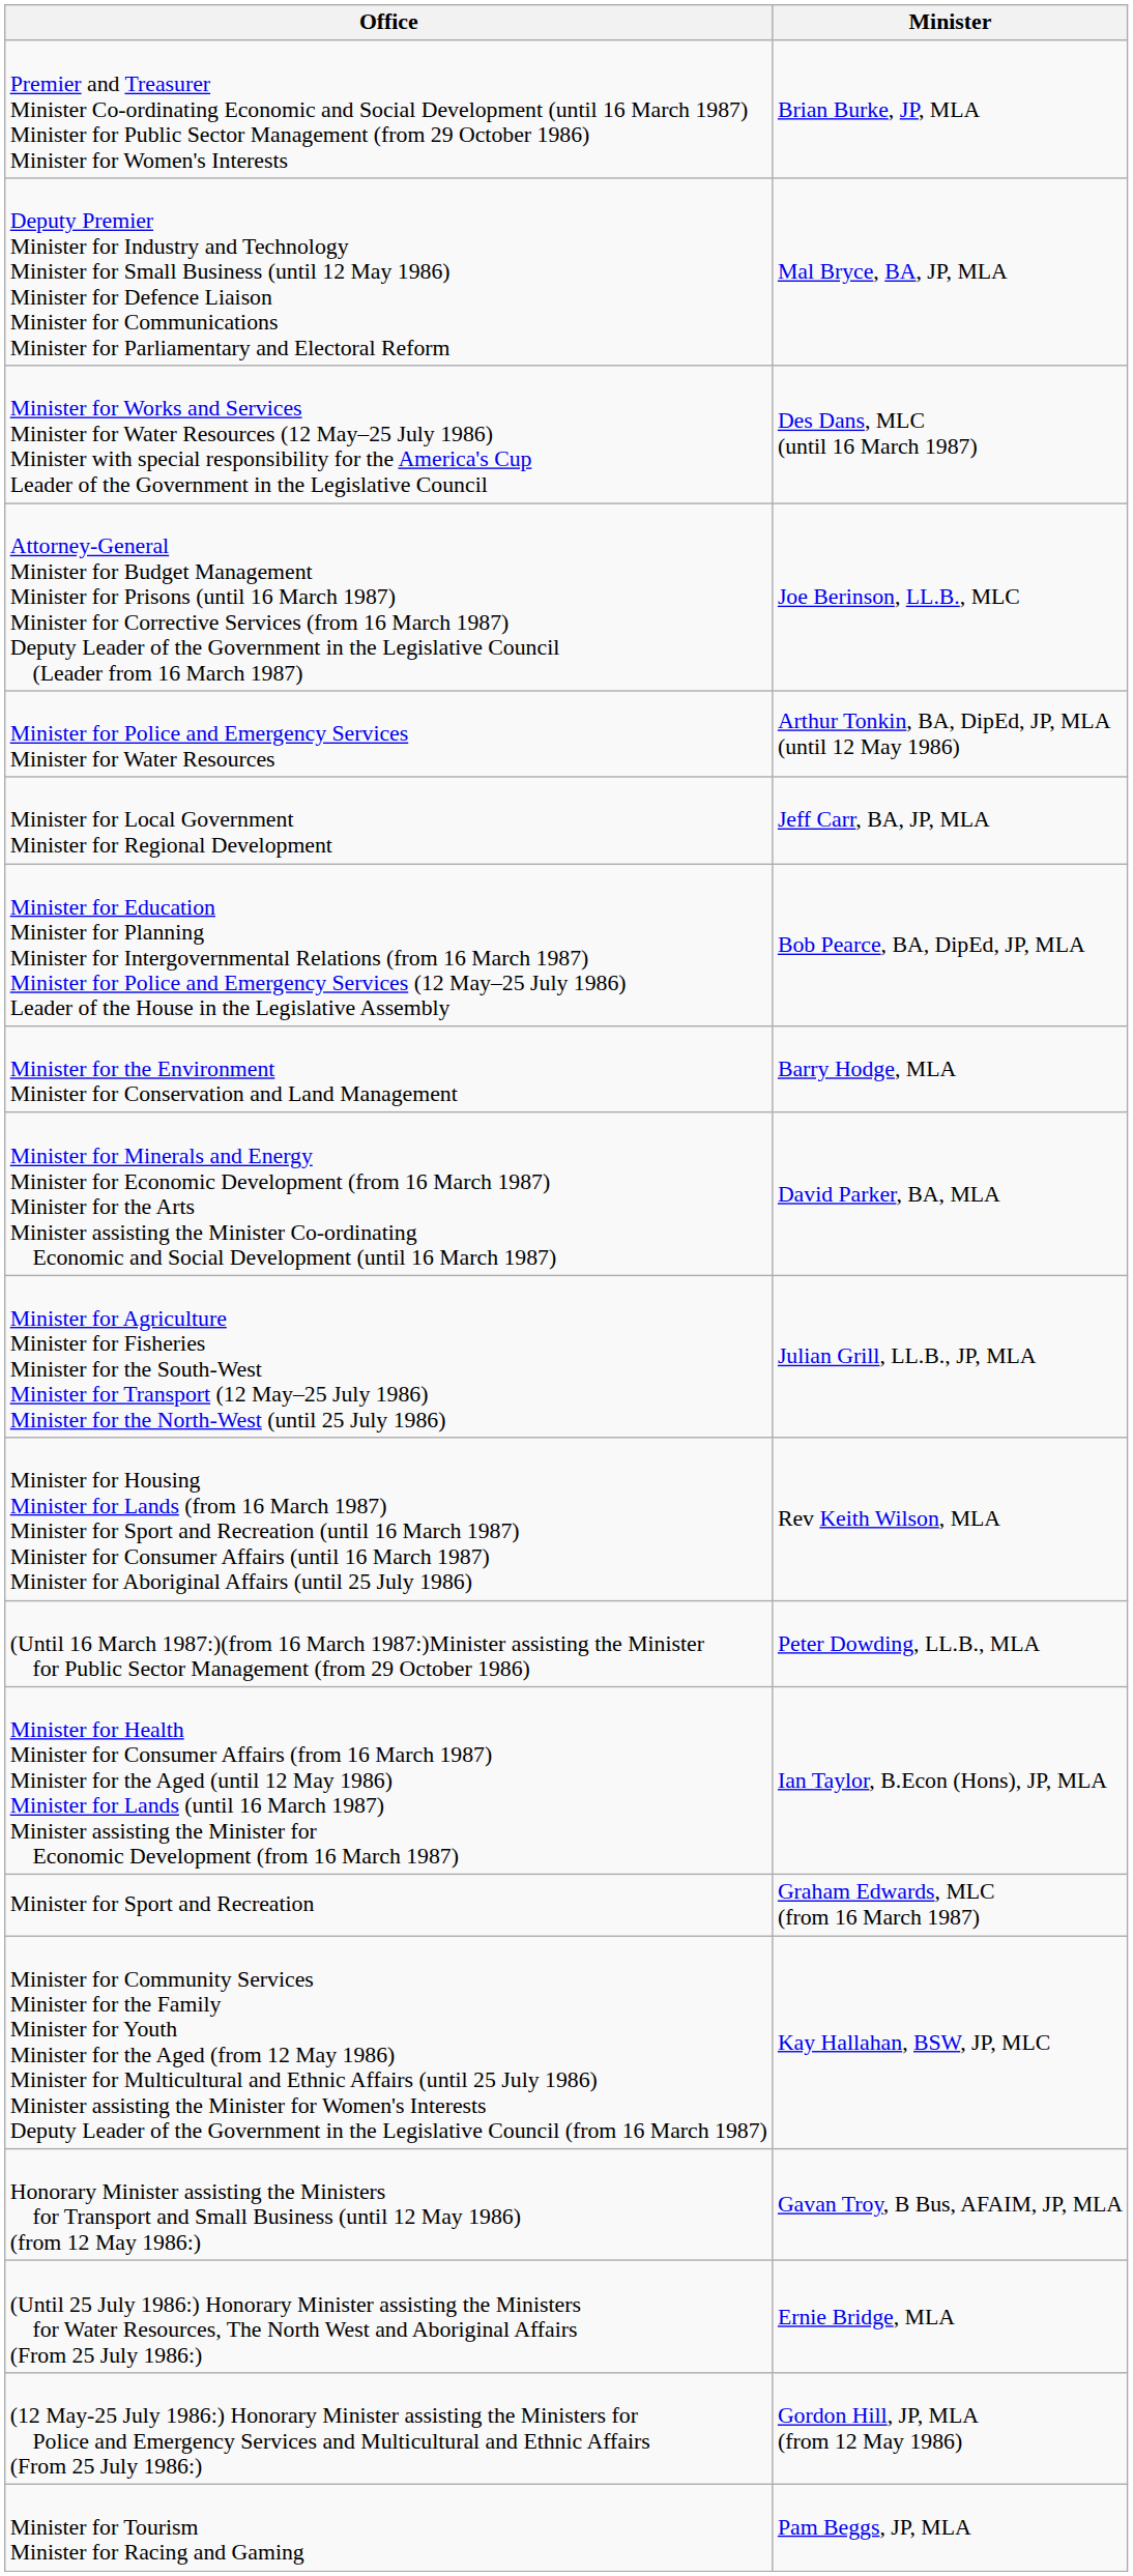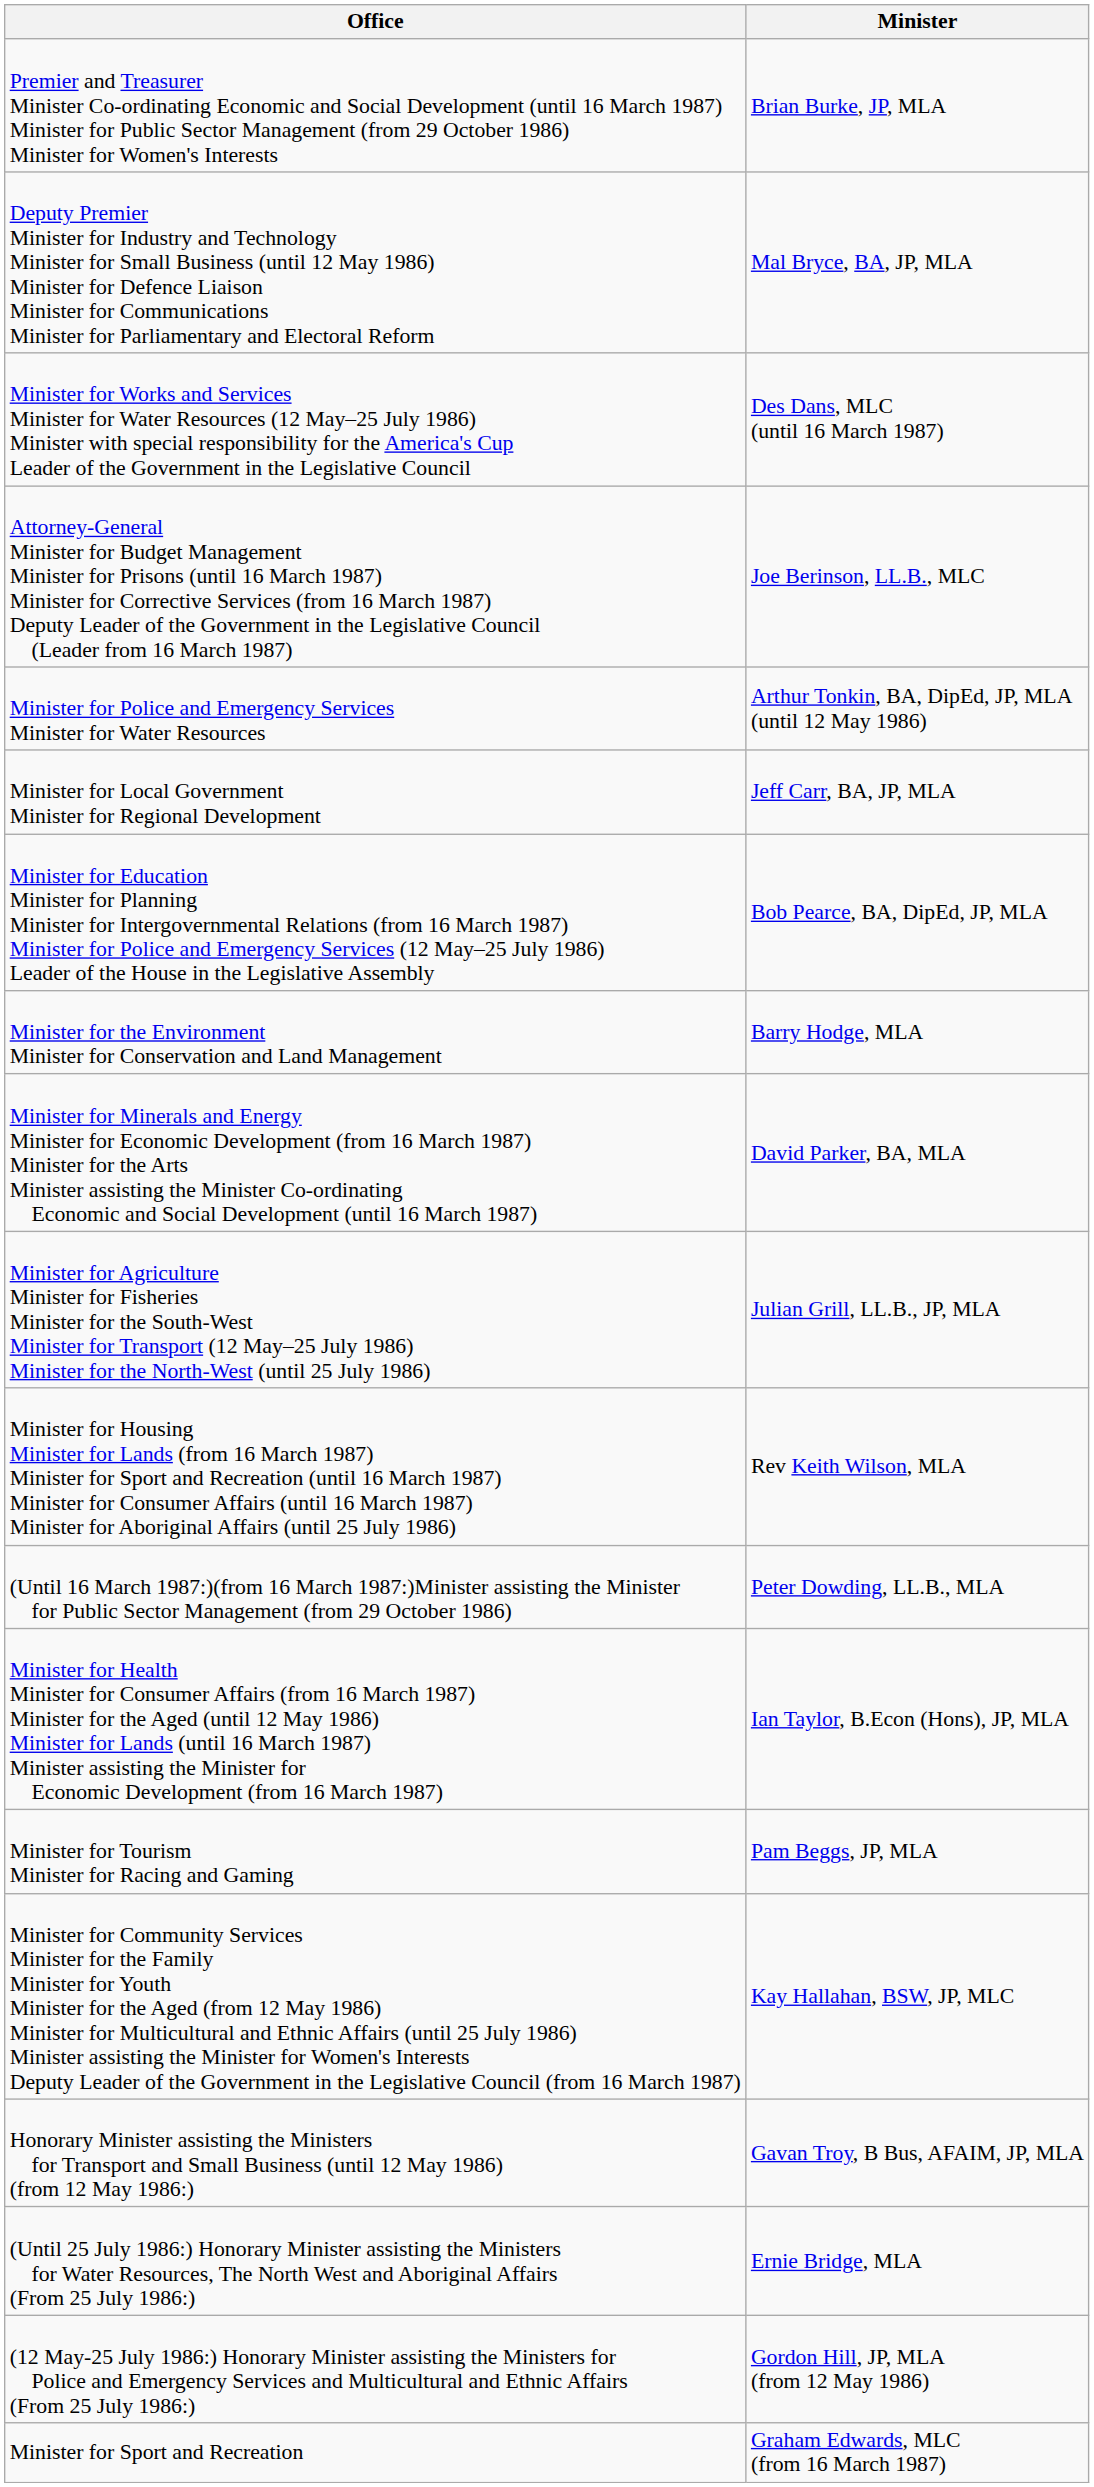 <table class="wikitable">
 <tr>
 <th>Office</th>
 <th>Minister</th>
 </tr>
 <tr>
 <td><br><a href='#'>Premier</a> and <a href='#'>Treasurer</a><br> Minister Co-ordinating Economic and Social Development (until 16 March 1987)<br> Minister for Public Sector Management (from 29 October 1986)<br> Minister for Women's Interests</td>
 <td><a href='#'>Brian Burke</a>, <a href='#'>JP</a>, MLA</td>
 </tr>
 <tr>
 <td><br><a href='#'>Deputy Premier</a><br> Minister for Industry and Technology<br> Minister for Small Business (until 12 May 1986)<br> Minister for Defence Liaison<br> Minister for Communications<br> Minister for Parliamentary and Electoral Reform</td>
 <td><a href='#'>Mal Bryce</a>, <a href='#'>BA</a>, JP, MLA</td>
 </tr>
 <tr>
 <td><br><a href='#'>Minister for Works and Services</a><br> Minister for Water Resources (12 May–25 July 1986)<br> Minister with special responsibility for the <a href='#'>America's Cup</a><br> Leader of the Government in the Legislative Council</td>
 <td><a href='#'>Des Dans</a>, MLC<br>(until 16 March 1987)</td>
 </tr>
 <tr>
 <td><br><a href='#'>Attorney-General</a><br> Minister for Budget Management<br> Minister for Prisons (until 16 March 1987)<br> Minister for Corrective Services (from 16 March 1987)<br> Deputy Leader of the Government in the Legislative Council<br>    (Leader from 16 March 1987)</td>
 <td><a href='#'>Joe Berinson</a>, <a href='#'>LL.B.</a>, MLC</td>
 </tr>
 <tr>
 <td><br><a href='#'>Minister for Police and Emergency Services</a><br> Minister for Water Resources</td>
 <td><a href='#'>Arthur Tonkin</a>, BA, DipEd, JP, MLA<br>(until 12 May 1986)</td>
 </tr>
 <tr>
 <td><br>Minister for Local Government<br> Minister for Regional Development</td>
 <td><a href='#'>Jeff Carr</a>, BA, JP, MLA</td>
 </tr>
 <tr>
 <td><br><a href='#'>Minister for Education</a><br> Minister for Planning<br> Minister for Intergovernmental Relations (from 16 March 1987)<br> <a href='#'>Minister for Police and Emergency Services</a> (12 May–25 July 1986)<br> Leader of the House in the Legislative Assembly</td>
 <td><a href='#'>Bob Pearce</a>, BA, DipEd, JP, MLA</td>
 </tr>
 <tr>
 <td><br><a href='#'>Minister for the Environment</a><br> Minister for Conservation and Land Management</td>
 <td><a href='#'>Barry Hodge</a>, MLA</td>
 </tr>
 <tr>
 <td><br><a href='#'>Minister for Minerals and Energy</a><br> Minister for Economic Development (from 16 March 1987)<br> Minister for the Arts<br> Minister assisting the Minister Co-ordinating<br>    Economic and Social Development (until 16 March 1987)</td>
 <td><a href='#'>David Parker</a>, BA, MLA</td>
 </tr>
 <tr>
 <td><br><a href='#'>Minister for Agriculture</a><br> Minister for Fisheries<br> Minister for the South-West<br> <a href='#'>Minister for Transport</a> (12 May–25 July 1986)<br> <a href='#'>Minister for the North-West</a> (until 25 July 1986)</td>
 <td><a href='#'>Julian Grill</a>, LL.B., JP, MLA</td>
 </tr>
 <tr>
 <td><br>Minister for Housing<br> <a href='#'>Minister for Lands</a> (from 16 March 1987)<br> Minister for Sport and Recreation (until 16 March 1987)<br> Minister for Consumer Affairs (until 16 March 1987)<br> Minister for Aboriginal Affairs (until 25 July 1986)<br></td>
 <td>Rev <a href='#'>Keith Wilson</a>, MLA</td>
 </tr>
 <tr>
 <td><br>(Until 16 March 1987:)(from 16 March 1987:)Minister assisting the Minister<br>    for Public Sector Management (from 29 October 1986)<br></td>
 <td><a href='#'>Peter Dowding</a>, LL.B., MLA</td>
 </tr>
 <tr>
 <td><br><a href='#'>Minister for Health</a><br> Minister for Consumer Affairs (from 16 March 1987)<br> Minister for the Aged (until 12 May 1986)<br> <a href='#'>Minister for Lands</a> (until 16 March 1987)<br> Minister assisting the Minister for<br>    Economic Development (from 16 March 1987)</td>
 <td><a href='#'>Ian Taylor</a>, B.Econ (Hons), JP, MLA</td>
 </tr>
 <tr>
-<td>Minister for Sport and Recreation</td>
-<td><a href='#'>Graham Edwards</a>, MLC<br>(from 16 March 1987)</td>
+<td><br>Minister for Tourism<br> Minister for Racing and Gaming</td>
+<td><a href='#'>Pam Beggs</a>, JP, MLA</td>
 </tr>
 <tr>
 <td><br>Minister for Community Services<br> Minister for the Family<br> Minister for Youth<br> Minister for the Aged (from 12 May 1986)<br> Minister for Multicultural and Ethnic Affairs (until 25 July 1986)<br> Minister assisting the Minister for Women's Interests<br> Deputy Leader of the Government in the Legislative Council (from 16 March 1987)</td>
 <td><a href='#'>Kay Hallahan</a>, <a href='#'>BSW</a>, JP, MLC </td>
 </tr>
 <tr>
 <td><br>Honorary Minister assisting the Ministers<br>    for Transport and Small Business (until 12 May 1986)<br>(from 12 May 1986:)</td>
 <td><a href='#'>Gavan Troy</a>, B Bus, AFAIM, JP, MLA</td>
 </tr>
 <tr>
 <td><br>(Until 25 July 1986:) Honorary Minister assisting the Ministers<br>    for Water Resources, The North West and Aboriginal Affairs<br>(From 25 July 1986:)</td>
 <td><a href='#'>Ernie Bridge</a>, MLA</td>
 </tr>
 <tr>
 <td><br>(12 May-25 July 1986:) Honorary Minister assisting the Ministers for<br>    Police and Emergency Services and Multicultural and Ethnic Affairs<br>(From 25 July 1986:)</td>
 <td><a href='#'>Gordon Hill</a>, JP, MLA<br>(from 12 May 1986)</td>
 </tr>
 <tr>
-<td><br>Minister for Tourism<br> Minister for Racing and Gaming</td>
-<td><a href='#'>Pam Beggs</a>, JP, MLA</td>
+<td>Minister for Sport and Recreation</td>
+<td><a href='#'>Graham Edwards</a>, MLC<br>(from 16 March 1987)</td>
 </tr>
 </table>
